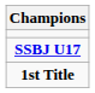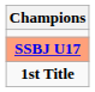 <table class="wikitable" style="text-align: center; margin: 0 auto;">
 <tr>
 <th>Champions</th>
 </tr>
 <tr>
 <td></td>
 </tr>
 <tr>
-<td><strong><a href='#'>SSBJ U17</a></strong></td>
+<td style="background: lightsalmon;"><strong><a href='#'>SSBJ U17</a></strong></td>
 </tr>
 <tr>
 <td><strong>1st Title</strong></td>
 </tr>
 </table>
